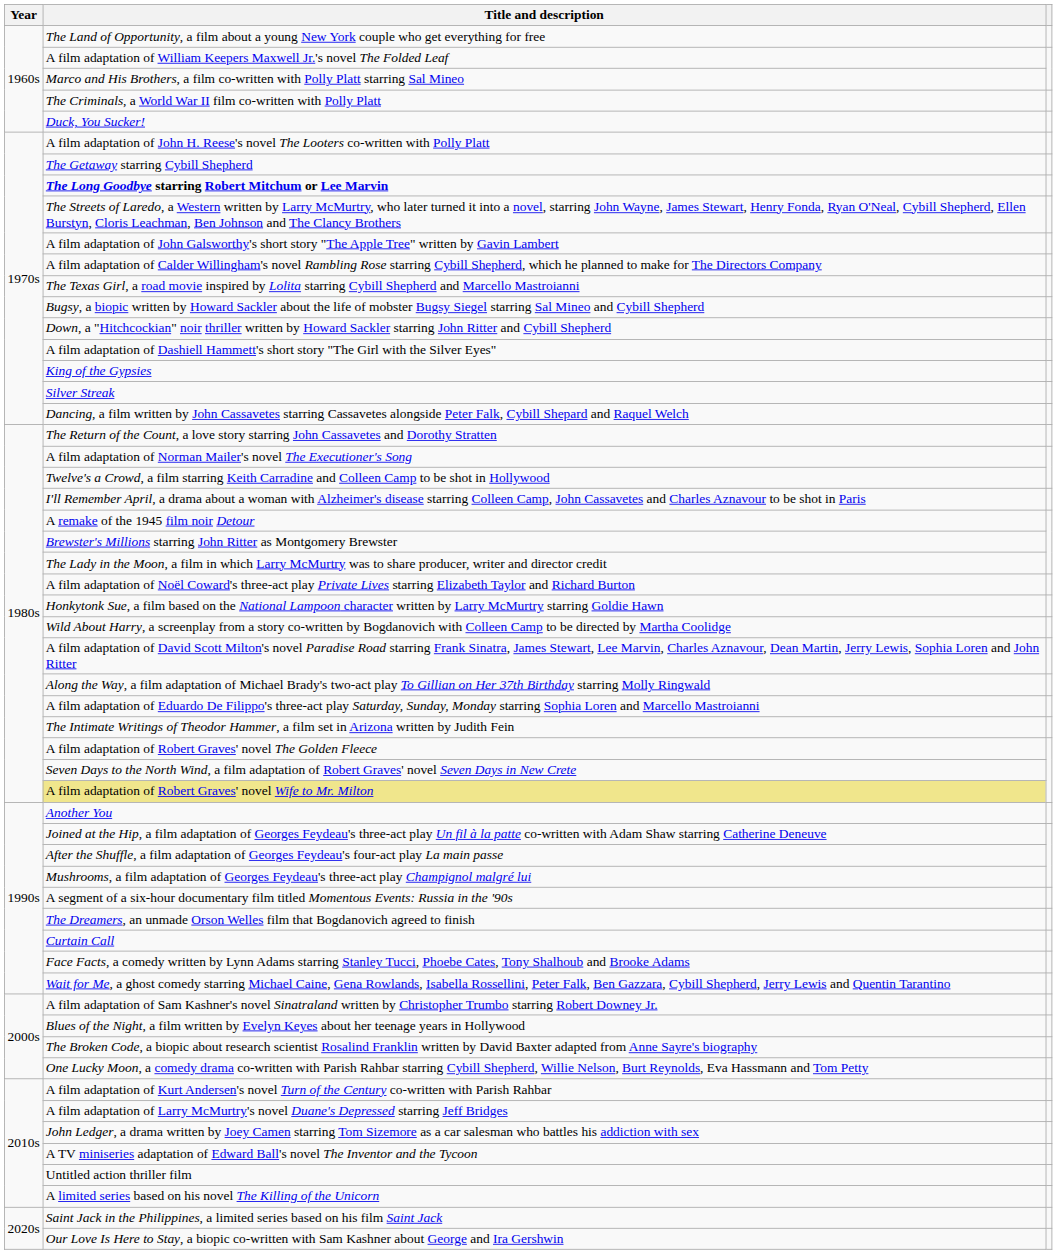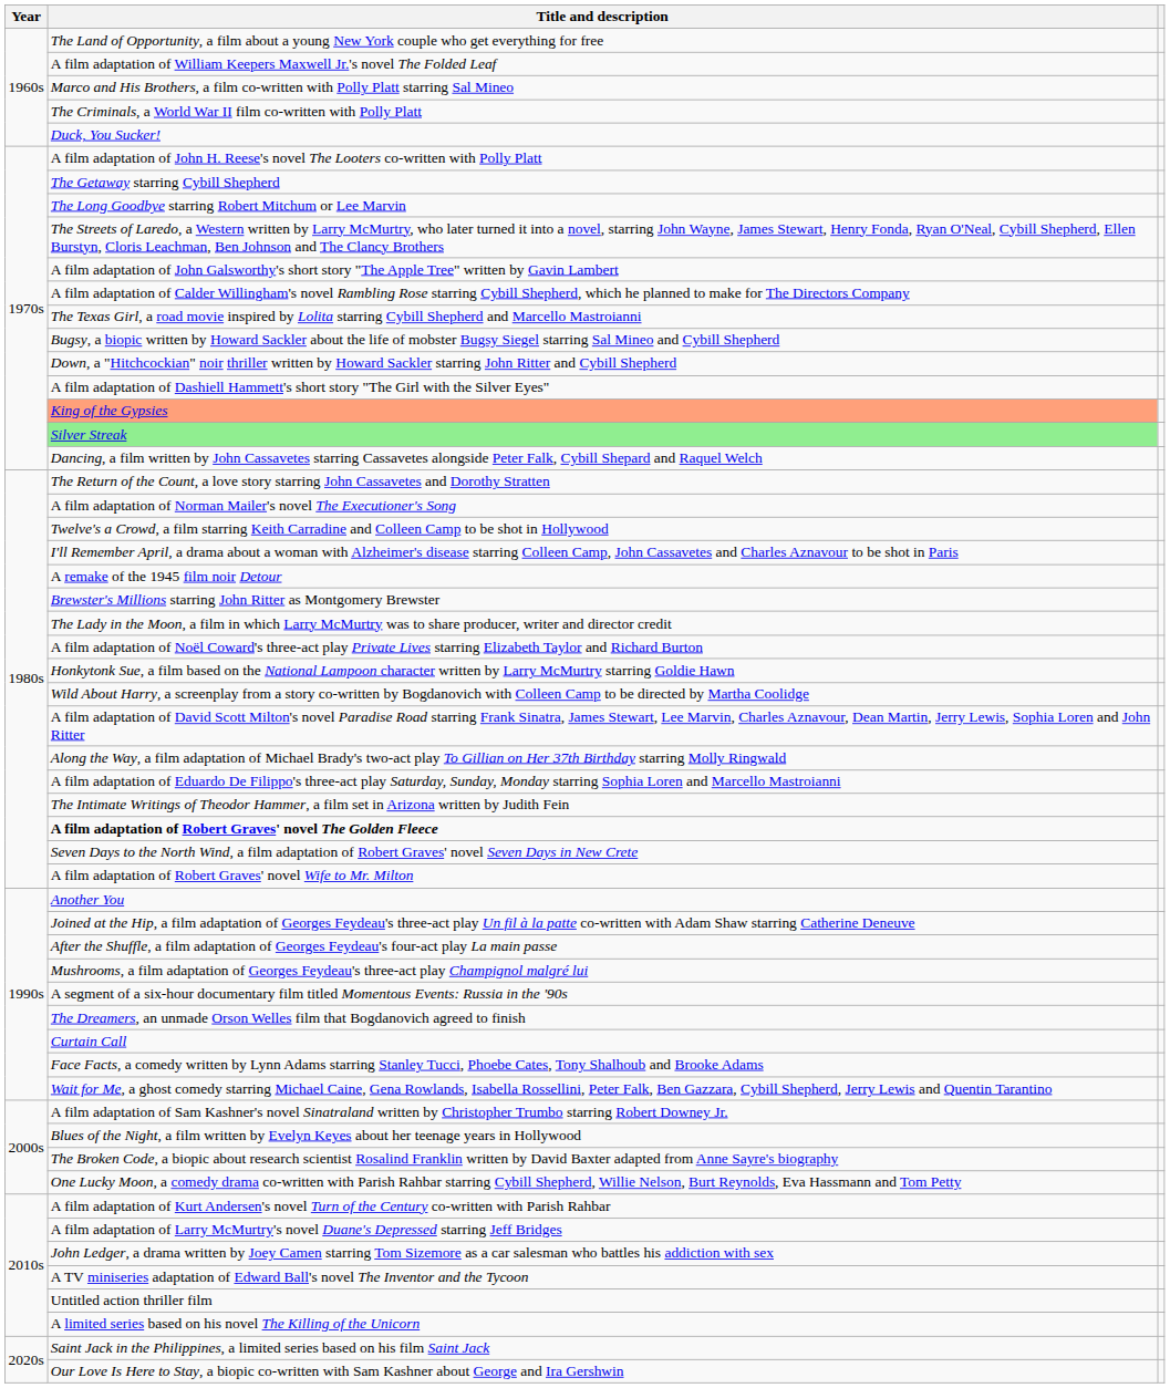 <table class="wikitable plainrowheaders">
 <tr>
 <th scope="col">Year</th>
 <th scope="col">Title and description</th>
 <th scope="col"></th>
 </tr>
 <tr>
 <td rowspan="5">1960s</td>
 <td><em>The Land of Opportunity</em>, a film about a young <a href='#'>New York</a> couple who get everything for free</td>
 <td></td>
 </tr>
 <tr>
 <td>A film adaptation of <a href='#'>William Keepers Maxwell Jr.</a>'s novel <em>The Folded Leaf</em></td>
 <td rowspan="2"></td>
 </tr>
 <tr>
 <td><em>Marco and His Brothers</em>, a film co-written with <a href='#'>Polly Platt</a> starring <a href='#'>Sal Mineo</a></td>
 </tr>
 <tr>
 <td><em>The Criminals</em>, a <a href='#'>World War II</a> film co-written with <a href='#'>Polly Platt</a></td>
 <td></td>
 </tr>
 <tr>
 <td><em><a href='#'>Duck, You Sucker!</a></em></td>
 <td></td>
 </tr>
 <tr>
 <td rowspan="13">1970s</td>
 <td>A film adaptation of <a href='#'>John H. Reese</a>'s novel <em>The Looters</em> co-written with <a href='#'>Polly Platt</a></td>
 <td></td>
 </tr>
 <tr>
 <td><em><a href='#'>The Getaway</a></em> starring <a href='#'>Cybill Shepherd</a></td>
 <td></td>
 </tr>
 <tr>
-<td><strong><em><a href='#'>The Long Goodbye</a></em> starring <a href='#'>Robert Mitchum</a> or <a href='#'>Lee Marvin</a></strong></td>
+<td><em><a href='#'>The Long Goodbye</a></em> starring <a href='#'>Robert Mitchum</a> or <a href='#'>Lee Marvin</a></td>
 <td></td>
 </tr>
 <tr>
 <td><em>The Streets of Laredo</em>, a <a href='#'>Western</a> written by <a href='#'>Larry McMurtry</a>, who later turned it into a <a href='#'>novel</a>, starring <a href='#'>John Wayne</a>, <a href='#'>James Stewart</a>, <a href='#'>Henry Fonda</a>, <a href='#'>Ryan O'Neal</a>, <a href='#'>Cybill Shepherd</a>, <a href='#'>Ellen Burstyn</a>, <a href='#'>Cloris Leachman</a>, <a href='#'>Ben Johnson</a> and <a href='#'>The Clancy Brothers</a></td>
 <td></td>
 </tr>
 <tr>
 <td>A film adaptation of <a href='#'>John Galsworthy</a>'s short story "<a href='#'>The Apple Tree</a>" written by <a href='#'>Gavin Lambert</a></td>
 <td></td>
 </tr>
 <tr>
 <td>A film adaptation of <a href='#'>Calder Willingham</a>'s novel <em>Rambling Rose</em> starring <a href='#'>Cybill Shepherd</a>, which he planned to make for <a href='#'>The Directors Company</a></td>
 <td></td>
 </tr>
 <tr>
 <td><em>The Texas Girl</em>, a <a href='#'>road movie</a> inspired by <em><a href='#'>Lolita</a></em> starring <a href='#'>Cybill Shepherd</a> and <a href='#'>Marcello Mastroianni</a></td>
 <td></td>
 </tr>
 <tr>
 <td><em>Bugsy</em>, a <a href='#'>biopic</a> written by <a href='#'>Howard Sackler</a> about the life of mobster <a href='#'>Bugsy Siegel</a> starring <a href='#'>Sal Mineo</a> and <a href='#'>Cybill Shepherd</a></td>
 <td></td>
 </tr>
 <tr>
 <td><em>Down</em>, a "<a href='#'>Hitchcockian</a>" <a href='#'>noir</a> <a href='#'>thriller</a> written by <a href='#'>Howard Sackler</a> starring <a href='#'>John Ritter</a> and <a href='#'>Cybill Shepherd</a></td>
 <td></td>
 </tr>
 <tr>
 <td>A film adaptation of <a href='#'>Dashiell Hammett</a>'s short story "The Girl with the Silver Eyes"</td>
 <td></td>
 </tr>
 <tr>
-<td><em><a href='#'>King of the Gypsies</a></em></td>
+<td style="background: lightsalmon;"><em><a href='#'>King of the Gypsies</a></em></td>
 <td></td>
 </tr>
 <tr>
-<td><em><a href='#'>Silver Streak</a></em></td>
+<td style="background: lightgreen;"><em><a href='#'>Silver Streak</a></em></td>
 <td></td>
 </tr>
 <tr>
 <td><em>Dancing</em>, a film written by <a href='#'>John Cassavetes</a> starring Cassavetes alongside <a href='#'>Peter Falk</a>, <a href='#'>Cybill Shepard</a> and <a href='#'>Raquel Welch</a></td>
 <td></td>
 </tr>
 <tr>
 <td rowspan="17">1980s</td>
 <td><em>The Return of the Count</em>, a love story starring <a href='#'>John Cassavetes</a> and <a href='#'>Dorothy Stratten</a></td>
 <td></td>
 </tr>
 <tr>
 <td>A film adaptation of <a href='#'>Norman Mailer</a>'s novel <em><a href='#'>The Executioner's Song</a></em></td>
 <td rowspan="2"></td>
 </tr>
 <tr>
 <td><em>Twelve's a Crowd</em>, a film starring <a href='#'>Keith Carradine</a> and <a href='#'>Colleen Camp</a> to be shot in <a href='#'>Hollywood</a></td>
 </tr>
 <tr>
 <td><em>I'll Remember April</em>, a drama about a woman with <a href='#'>Alzheimer's disease</a> starring <a href='#'>Colleen Camp</a>, <a href='#'>John Cassavetes</a> and <a href='#'>Charles Aznavour</a> to be shot in <a href='#'>Paris</a></td>
 <td></td>
 </tr>
 <tr>
 <td>A <a href='#'>remake</a> of the 1945 <a href='#'>film noir</a> <em><a href='#'>Detour</a></em></td>
 <td rowspan="3"></td>
 </tr>
 <tr>
 <td><em><a href='#'>Brewster's Millions</a></em> starring <a href='#'>John Ritter</a> as Montgomery Brewster</td>
 </tr>
 <tr>
 <td><em>The Lady in the Moon</em>, a film in which <a href='#'>Larry McMurtry</a> was to share producer, writer and director credit</td>
 </tr>
 <tr>
 <td>A film adaptation of <a href='#'>Noël Coward</a>'s three-act play <em><a href='#'>Private Lives</a></em> starring <a href='#'>Elizabeth Taylor</a> and <a href='#'>Richard Burton</a></td>
 <td></td>
 </tr>
 <tr>
 <td><em>Honkytonk Sue</em>, a film based on the <a href='#'><em>National Lampoon</em> character</a> written by <a href='#'>Larry McMurtry</a> starring <a href='#'>Goldie Hawn</a></td>
 <td></td>
 </tr>
 <tr>
 <td><em>Wild About Harry</em>, a screenplay from a story co-written by Bogdanovich with <a href='#'>Colleen Camp</a> to be directed by <a href='#'>Martha Coolidge</a></td>
 <td></td>
 </tr>
 <tr>
 <td>A film adaptation of <a href='#'>David Scott Milton</a>'s novel <em>Paradise Road</em> starring <a href='#'>Frank Sinatra</a>, <a href='#'>James Stewart</a>, <a href='#'>Lee Marvin</a>, <a href='#'>Charles Aznavour</a>, <a href='#'>Dean Martin</a>, <a href='#'>Jerry Lewis</a>, <a href='#'>Sophia Loren</a> and <a href='#'>John Ritter</a></td>
 <td></td>
 </tr>
 <tr>
 <td><em>Along the Way</em>, a film adaptation of Michael Brady's two-act play <em><a href='#'>To Gillian on Her 37th Birthday</a></em> starring <a href='#'>Molly Ringwald</a></td>
 <td></td>
 </tr>
 <tr>
 <td>A film adaptation of <a href='#'>Eduardo De Filippo</a>'s three-act play <em>Saturday, Sunday, Monday</em> starring <a href='#'>Sophia Loren</a> and <a href='#'>Marcello Mastroianni</a></td>
 <td></td>
 </tr>
 <tr>
 <td><em>The Intimate Writings of Theodor Hammer</em>, a film set in <a href='#'>Arizona</a> written by Judith Fein</td>
 <td></td>
 </tr>
 <tr>
-<td>A film adaptation of <a href='#'>Robert Graves</a>' novel <em>The Golden Fleece</em></td>
+<td><strong>A film adaptation of <a href='#'>Robert Graves</a>' novel <em>The Golden Fleece</em></strong></td>
 <td rowspan="3"></td>
 </tr>
 <tr>
 <td><em>Seven Days to the North Wind</em>, a film adaptation of <a href='#'>Robert Graves</a>' novel <em><a href='#'>Seven Days in New Crete</a></em></td>
 </tr>
 <tr>
-<td style="background: khaki;">A film adaptation of <a href='#'>Robert Graves</a>' novel <em><a href='#'>Wife to Mr. Milton</a></em></td>
+<td>A film adaptation of <a href='#'>Robert Graves</a>' novel <em><a href='#'>Wife to Mr. Milton</a></em></td>
 </tr>
 <tr>
 <td rowspan="9">1990s</td>
 <td><em><a href='#'>Another You</a></em></td>
 <td></td>
 </tr>
 <tr>
 <td><em>Joined at the Hip</em>, a film adaptation of <a href='#'>Georges Feydeau</a>'s three-act play <em><a href='#'>Un fil à la patte</a></em> co-written with Adam Shaw starring <a href='#'>Catherine Deneuve</a></td>
 <td rowspan="3"></td>
 </tr>
 <tr>
 <td><em>After the Shuffle</em>, a film adaptation of <a href='#'>Georges Feydeau</a>'s four-act play <em>La main passe</em></td>
 </tr>
 <tr>
 <td><em>Mushrooms</em>, a film adaptation of <a href='#'>Georges Feydeau</a>'s three-act play <em><a href='#'>Champignol malgré lui</a></em></td>
 </tr>
 <tr>
 <td>A segment of a six-hour documentary film titled <em>Momentous Events: Russia in the '90s</em></td>
 <td></td>
 </tr>
 <tr>
 <td><em><a href='#'>The Dreamers</a></em>, an unmade <a href='#'>Orson Welles</a> film that Bogdanovich agreed to finish</td>
 <td></td>
 </tr>
 <tr>
 <td><em><a href='#'>Curtain Call</a></em></td>
 <td></td>
 </tr>
 <tr>
 <td><em>Face Facts</em>, a comedy written by Lynn Adams starring <a href='#'>Stanley Tucci</a>, <a href='#'>Phoebe Cates</a>, <a href='#'>Tony Shalhoub</a> and <a href='#'>Brooke Adams</a></td>
 <td></td>
 </tr>
 <tr>
 <td><em><a href='#'>Wait for Me</a></em>, a ghost comedy starring <a href='#'>Michael Caine</a>, <a href='#'>Gena Rowlands</a>, <a href='#'>Isabella Rossellini</a>, <a href='#'>Peter Falk</a>, <a href='#'>Ben Gazzara</a>, <a href='#'>Cybill Shepherd</a>, <a href='#'>Jerry Lewis</a> and <a href='#'>Quentin Tarantino</a></td>
 <td></td>
 </tr>
 <tr>
 <td rowspan="4">2000s</td>
 <td>A film adaptation of Sam Kashner's novel <em>Sinatraland</em> written by <a href='#'>Christopher Trumbo</a> starring <a href='#'>Robert Downey Jr.</a></td>
 <td></td>
 </tr>
 <tr>
 <td><em>Blues of the Night</em>, a film written by <a href='#'>Evelyn Keyes</a> about her teenage years in Hollywood</td>
 <td></td>
 </tr>
 <tr>
 <td><em>The Broken Code</em>, a biopic about research scientist <a href='#'>Rosalind Franklin</a> written by David Baxter adapted from <a href='#'>Anne Sayre's biography</a></td>
 <td></td>
 </tr>
 <tr>
 <td><em>One Lucky Moon</em>, a <a href='#'>comedy drama</a> co-written with Parish Rahbar starring <a href='#'>Cybill Shepherd</a>, <a href='#'>Willie Nelson</a>, <a href='#'>Burt Reynolds</a>, Eva Hassmann and <a href='#'>Tom Petty</a></td>
 <td></td>
 </tr>
 <tr>
 <td rowspan="6">2010s</td>
 <td>A film adaptation of <a href='#'>Kurt Andersen</a>'s novel <em><a href='#'>Turn of the Century</a></em> co-written with Parish Rahbar</td>
 <td></td>
 </tr>
 <tr>
 <td>A film adaptation of <a href='#'>Larry McMurtry</a>'s novel <em><a href='#'>Duane's Depressed</a></em> starring <a href='#'>Jeff Bridges</a></td>
 <td></td>
 </tr>
 <tr>
 <td><em>John Ledger</em>, a drama written by <a href='#'>Joey Camen</a> starring <a href='#'>Tom Sizemore</a> as a car salesman who battles his <a href='#'>addiction with sex</a></td>
 <td></td>
 </tr>
 <tr>
 <td>A TV <a href='#'>miniseries</a> adaptation of <a href='#'>Edward Ball</a>'s novel <em>The Inventor and the Tycoon</em></td>
 <td></td>
 </tr>
 <tr>
 <td>Untitled action thriller film</td>
 <td></td>
 </tr>
 <tr>
 <td>A <a href='#'>limited series</a> based on his novel <em><a href='#'>The Killing of the Unicorn</a></em></td>
 <td></td>
 </tr>
 <tr>
 <td rowspan="2">2020s</td>
 <td><em>Saint Jack in the Philippines</em>, a limited series based on his film <em><a href='#'>Saint Jack</a></em></td>
 <td></td>
 </tr>
 <tr>
 <td><em>Our Love Is Here to Stay</em>, a biopic co-written with Sam Kashner about <a href='#'>George</a> and <a href='#'>Ira Gershwin</a></td>
 <td></td>
 </tr>
 </table>
